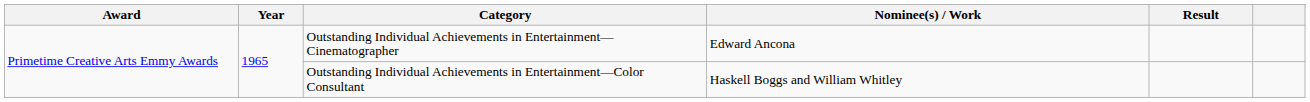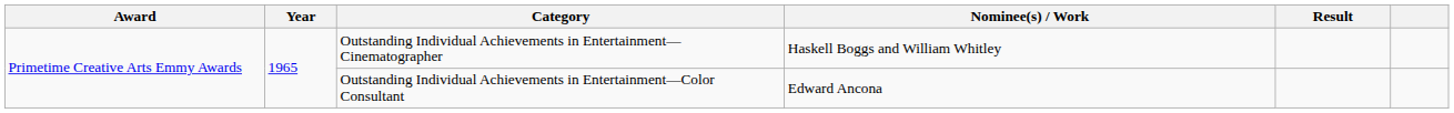 <table class="wikitable sortable plainrowheaders">
 <tr>
 <th scope="col" style="width:18%;">Award</th>
 <th scope="col" style="width:5%;">Year</th>
 <th scope="col" style="width:31%;">Category</th>
 <th scope="col" style="width:34%;">Nominee(s) / Work</th>
 <th scope="col" style="width:8%;">Result</th>
 <th scope="col" style="width:4%;" class="unsortable"></th>
 </tr>
 <tr>
 <td rowspan="2"><a href='#'>Primetime Creative Arts Emmy Awards</a></td>
 <td rowspan="2"><a href='#'>1965</a></td>
 <td>Outstanding Individual Achievements in Entertainment—Cinematographer</td>
-<td>Edward Ancona</td>
+<td>Haskell Boggs and William Whitley</td>
 <td></td>
 <td style="text-align:center;"></td>
 </tr>
 <tr>
 <td>Outstanding Individual Achievements in Entertainment—Color Consultant</td>
-<td>Haskell Boggs and William Whitley</td>
+<td>Edward Ancona</td>
 <td></td>
 <td style="text-align:center;"></td>
 </tr>
 </table>
